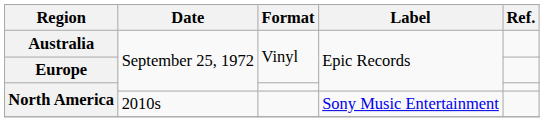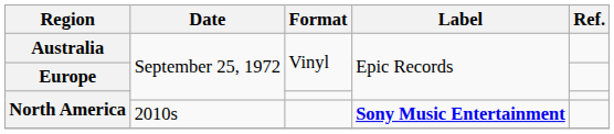 <table class="wikitable plainrowheaders">
 <tr>
 <th scope="col">Region</th>
 <th scope="col">Date</th>
 <th scope="col">Format</th>
 <th scope="col">Label</th>
 <th scope="col">Ref.</th>
 </tr>
 <tr>
 <th scope="row">Australia</th>
 <td rowspan="3">September 25, 1972</td>
 <td rowspan="2">Vinyl</td>
 <td rowspan="3">Epic Records</td>
 <td></td>
 </tr>
 <tr>
 <th scope="row">Europe</th>
 <td></td>
 </tr>
 <tr>
 <th scope="row" rowspan="2">North America</th>
 <td></td>
 <td></td>
 </tr>
 <tr>
 <td>2010s</td>
 <td></td>
-<td><a href='#'>Sony Music Entertainment</a></td>
+<td><strong><a href='#'>Sony Music Entertainment</a></strong></td>
 <td></td>
 </tr>
 <tr>
 </tr>
 </table>
